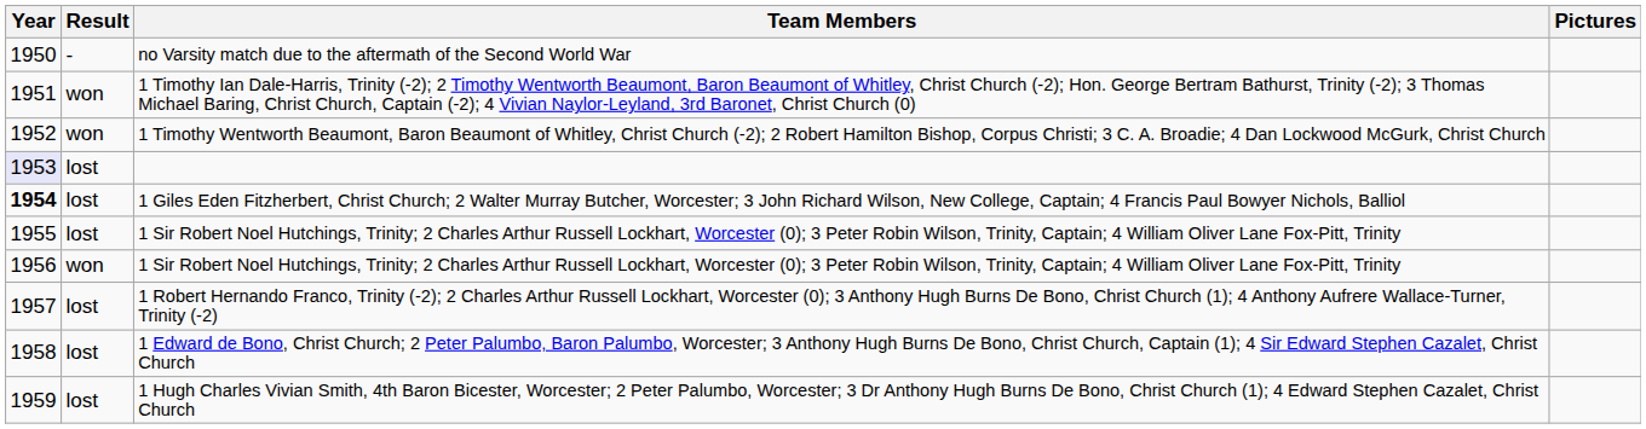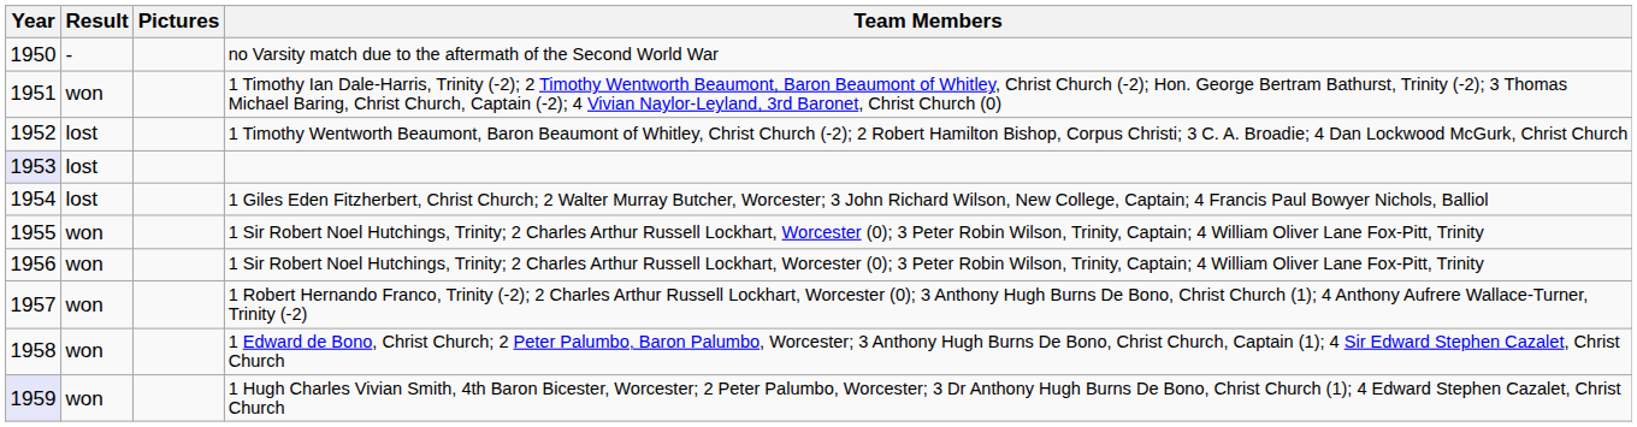 <table class="wikitable" width="100%">
 <tr>
 <th>Year</th>
 <th>Result</th>
+<th>Pictures</th>
 <th>Team Members</th>
-<th>Pictures</th>
 </tr>
 <tr>
 <td>1950</td>
 <td>-</td>
+<td></td>
 <td style="font-size:85%">no Varsity match due to the aftermath of the Second World War</td>
-<td></td>
 </tr>
 <tr>
 <td>1951</td>
 <td>won</td>
+<td></td>
 <td style="font-size:85%">1 Timothy Ian Dale-Harris, Trinity (-2); 2 <a href='#'>Timothy Wentworth Beaumont, Baron Beaumont of Whitley</a>, Christ Church (-2); Hon. George Bertram Bathurst, Trinity (-2); 3 Thomas Michael Baring, Christ Church, Captain (-2); 4 <a href='#'> Vivian Naylor-Leyland, 3rd Baronet</a>, Christ Church (0)</td>
-<td></td>
 </tr>
 <tr>
 <td>1952</td>
-<td>won</td>
+<td>lost</td>
+<td></td>
 <td style="font-size:85%">1 Timothy Wentworth Beaumont, Baron Beaumont of Whitley, Christ Church (-2); 2 Robert Hamilton Bishop, Corpus Christi; 3 C. A. Broadie; 4 Dan Lockwood McGurk, Christ Church</td>
-<td></td>
 </tr>
 <tr>
 <td style="background: lavender;">1953</td>
 <td>lost</td>
 <td></td>
 <td></td>
 </tr>
 <tr>
-<td><strong>1954</strong></td>
+<td>1954</td>
 <td>lost</td>
+<td></td>
 <td style="font-size:85%">1 Giles Eden Fitzherbert, Christ Church; 2 Walter Murray Butcher, Worcester; 3 John Richard Wilson, New College, Captain; 4 Francis Paul Bowyer Nichols, Balliol</td>
-<td></td>
 </tr>
 <tr>
 <td>1955</td>
-<td>lost</td>
+<td>won</td>
+<td></td>
 <td style="font-size:85%">1 Sir Robert Noel Hutchings, Trinity; 2 Charles Arthur Russell Lockhart, <a href='#'>Worcester</a> (0); 3 Peter Robin Wilson, Trinity, Captain; 4 William Oliver Lane Fox-Pitt, Trinity</td>
-<td></td>
 </tr>
 <tr>
 <td>1956</td>
 <td>won</td>
+<td></td>
 <td style="font-size:85%">1 Sir Robert Noel Hutchings, Trinity; 2 Charles Arthur Russell Lockhart, Worcester (0); 3 Peter Robin Wilson, Trinity, Captain; 4 William Oliver Lane Fox-Pitt, Trinity</td>
-<td></td>
 </tr>
 <tr>
 <td>1957</td>
-<td>lost</td>
+<td>won</td>
+<td></td>
 <td style="font-size:85%">1 Robert Hernando Franco, Trinity (-2); 2 Charles Arthur Russell Lockhart, Worcester (0); 3 Anthony Hugh Burns De Bono, Christ Church (1); 4 Anthony Aufrere Wallace-Turner, Trinity (-2)</td>
-<td></td>
 </tr>
 <tr>
 <td>1958</td>
-<td>lost</td>
+<td>won</td>
+<td></td>
 <td style="font-size:85%">1 <a href='#'>Edward de Bono</a>, Christ Church; 2 <a href='#'>Peter Palumbo, Baron Palumbo</a>, Worcester; 3 Anthony Hugh Burns De Bono, Christ Church, Captain (1); 4 <a href='#'>Sir Edward Stephen Cazalet</a>, Christ Church</td>
-<td></td>
 </tr>
 <tr>
-<td>1959</td>
-<td>lost</td>
+<td style="background: lavender;">1959</td>
+<td>won</td>
+<td></td>
 <td style="font-size:85%">1 Hugh Charles Vivian Smith, 4th Baron Bicester, Worcester; 2 Peter Palumbo, Worcester; 3 Dr Anthony Hugh Burns De Bono, Christ Church (1); 4 Edward Stephen Cazalet, Christ Church</td>
-<td></td>
 </tr>
 </table>
